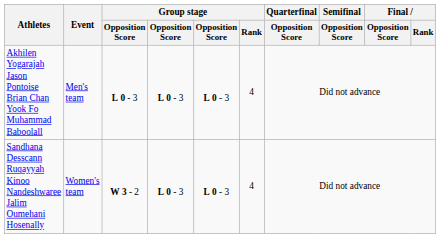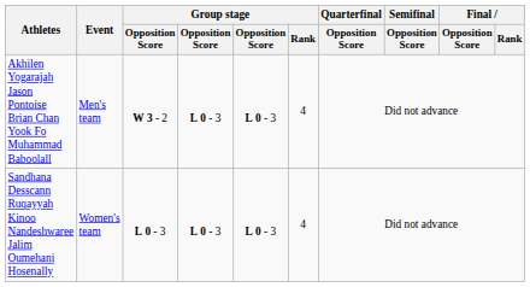 <table class=wikitable style=font-size:88%;text-align:center>
 <tr>
 <th rowspan=2>Athletes</th>
 <th rowspan=2>Event</th>
 <th colspan=4>Group stage</th>
 <th>Quarterfinal</th>
 <th>Semifinal</th>
 <th colspan=2>Final / </th>
 </tr>
 <tr style=font-size:95%>
 <th>Opposition<br>Score</th>
 <th>Opposition<br>Score</th>
 <th>Opposition<br>Score</th>
 <th>Rank</th>
 <th>Opposition<br>Score</th>
 <th>Opposition<br>Score</th>
 <th>Opposition<br>Score</th>
 <th>Rank</th>
 </tr>
 <tr>
 <td align=left><a href='#'>Akhilen Yogarajah</a> <br> <a href='#'>Jason Pontoise</a> <br> <a href='#'>Brian Chan Yook Fo</a> <br><a href='#'>Muhammad Baboolall</a></td>
 <td align=left><a href='#'>Men's team</a></td>
-<td><br><strong>L</strong> <strong>0</strong> - 3</td>
+<td><br><strong>W</strong> <strong>3</strong> - 2</td>
 <td><br><strong>L</strong> <strong>0</strong> - 3</td>
 <td><br><strong>L</strong> <strong>0</strong> - 3</td>
 <td>4</td>
 <td colspan=4>Did not advance</td>
 </tr>
 <tr>
 <td align=left><a href='#'>Sandhana Desscann</a> <br> <a href='#'>Ruqayyah Kinoo</a> <br><a href='#'>Nandeshwaree Jalim</a> <br><a href='#'>Oumehani Hosenally</a></td>
 <td align=left><a href='#'>Women's team</a></td>
-<td><br><strong>W</strong> <strong>3</strong> - 2</td>
+<td><br><strong>L</strong> <strong>0</strong> - 3</td>
 <td><br><strong>L</strong> <strong>0</strong> - 3</td>
 <td><br><strong>L</strong> <strong>0</strong> - 3</td>
 <td>4</td>
 <td colspan=4>Did not advance</td>
 </tr>
 </table>
